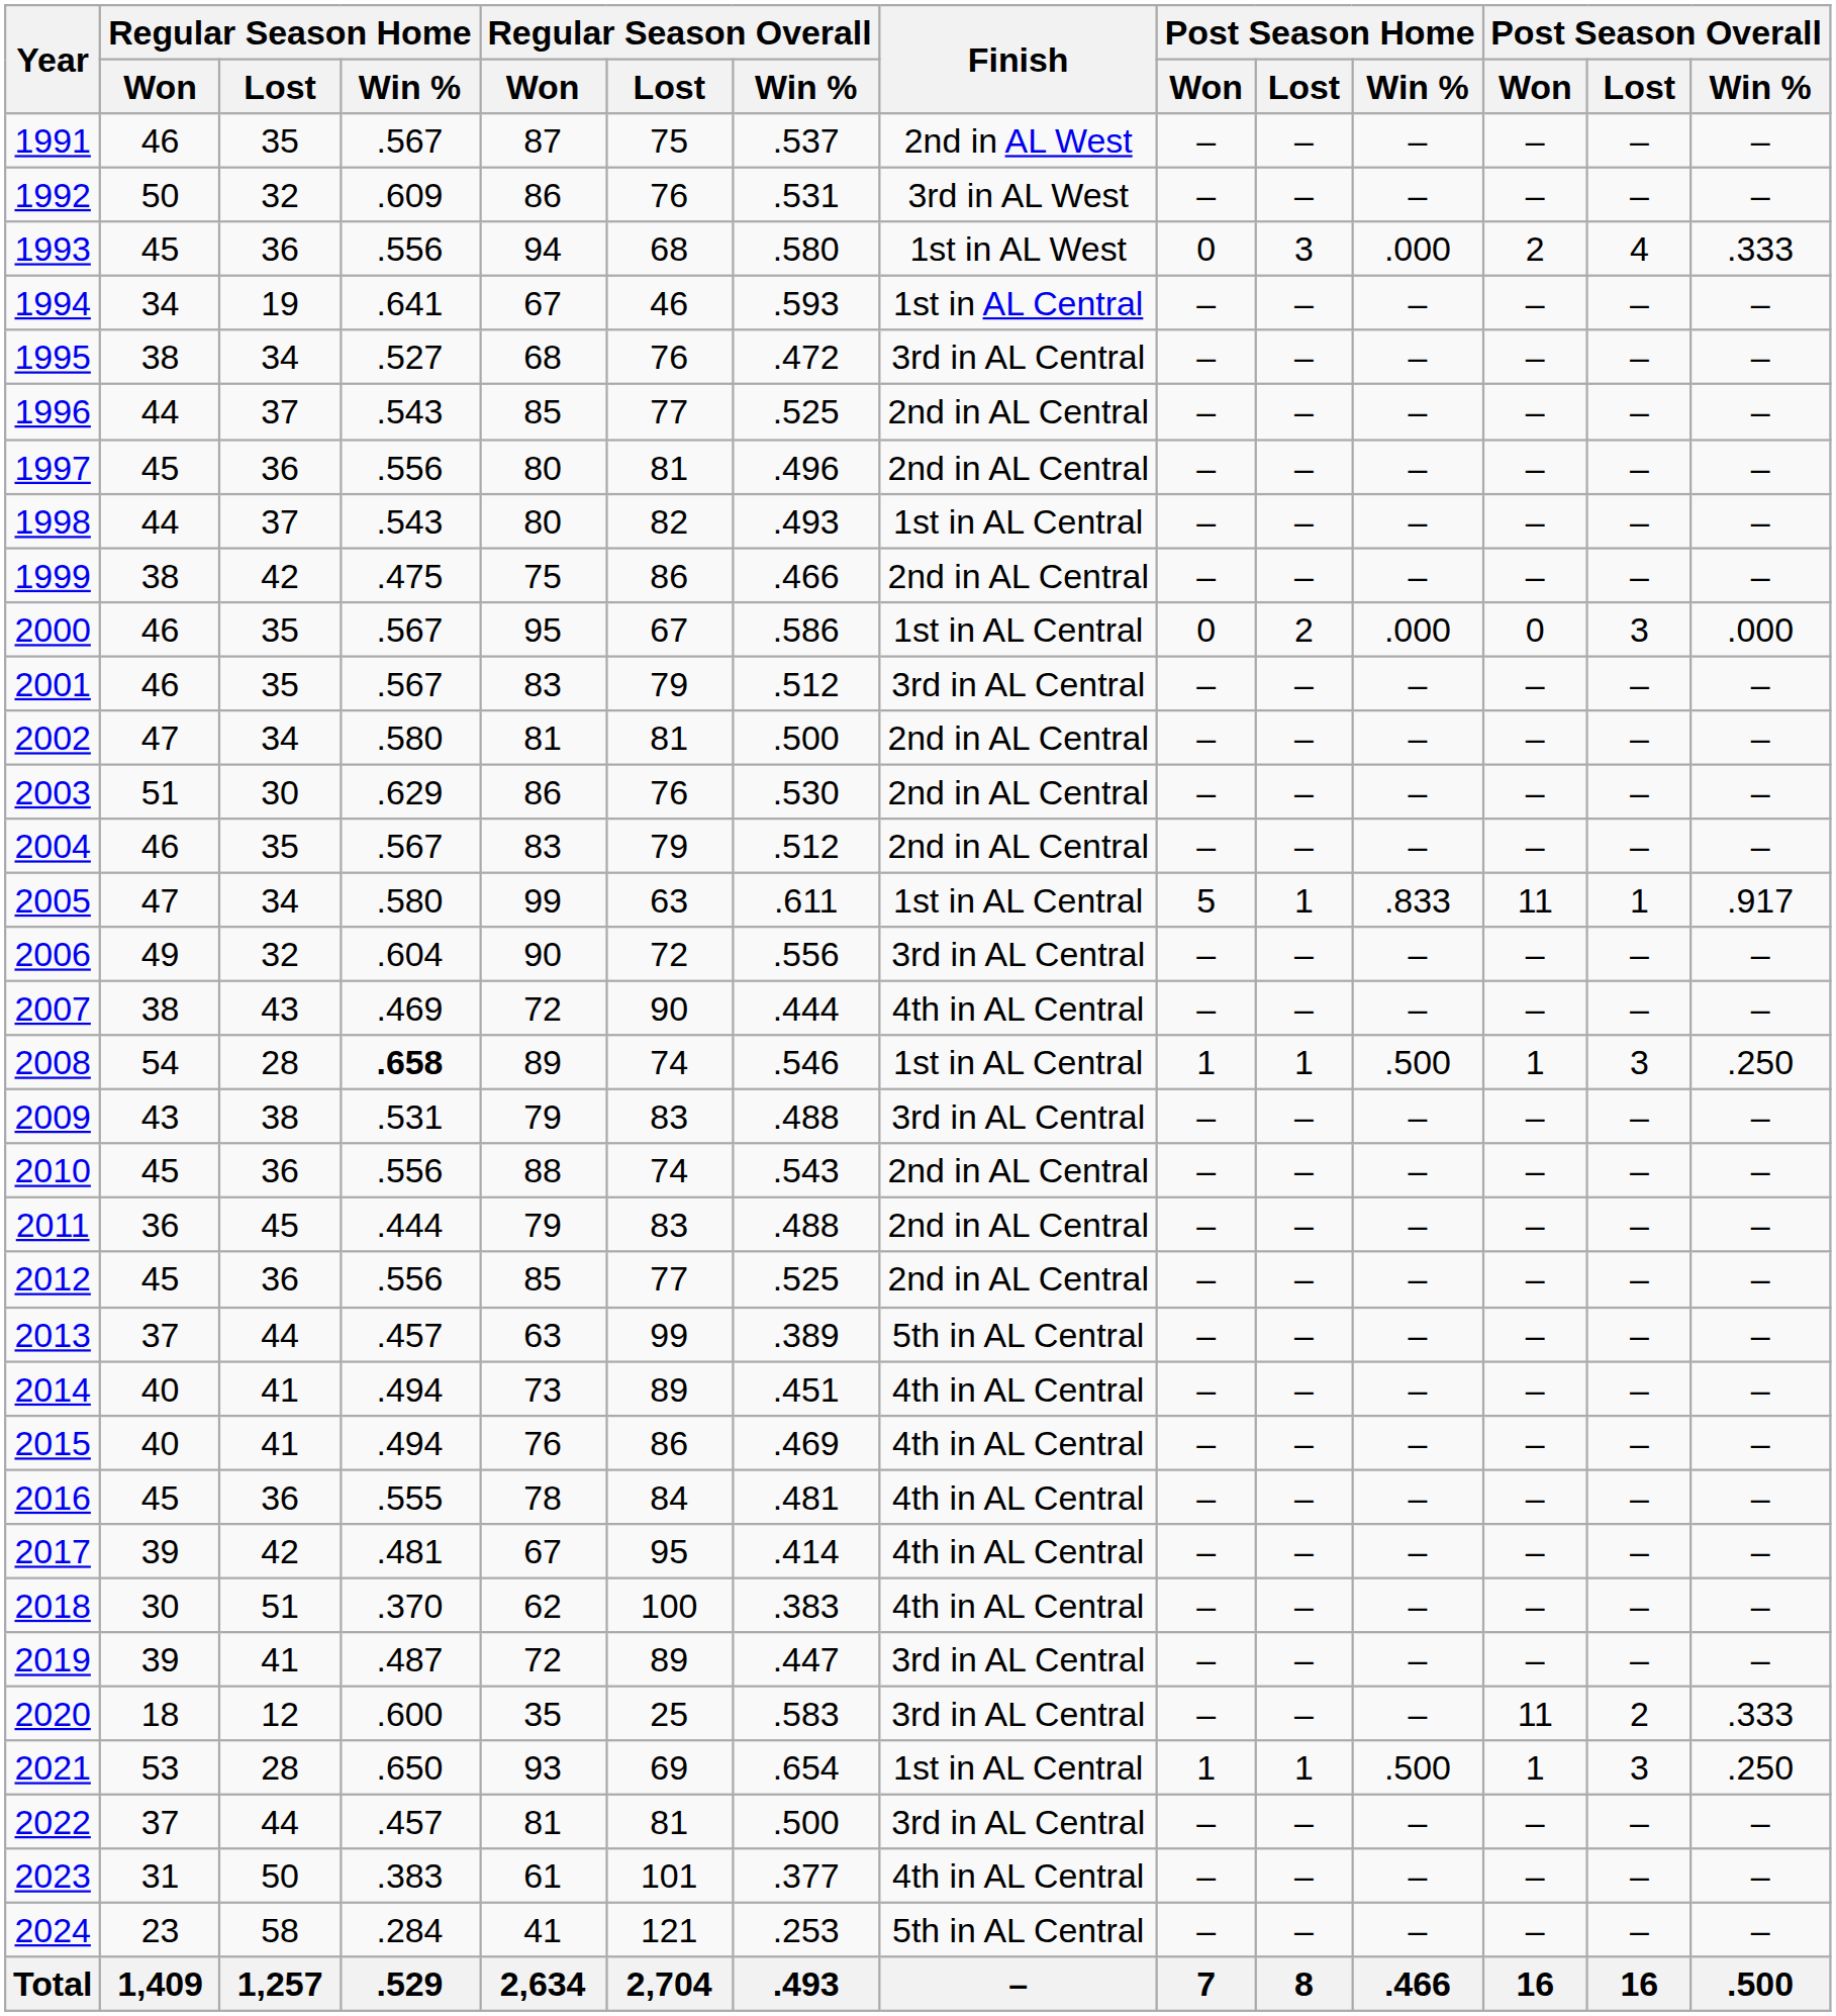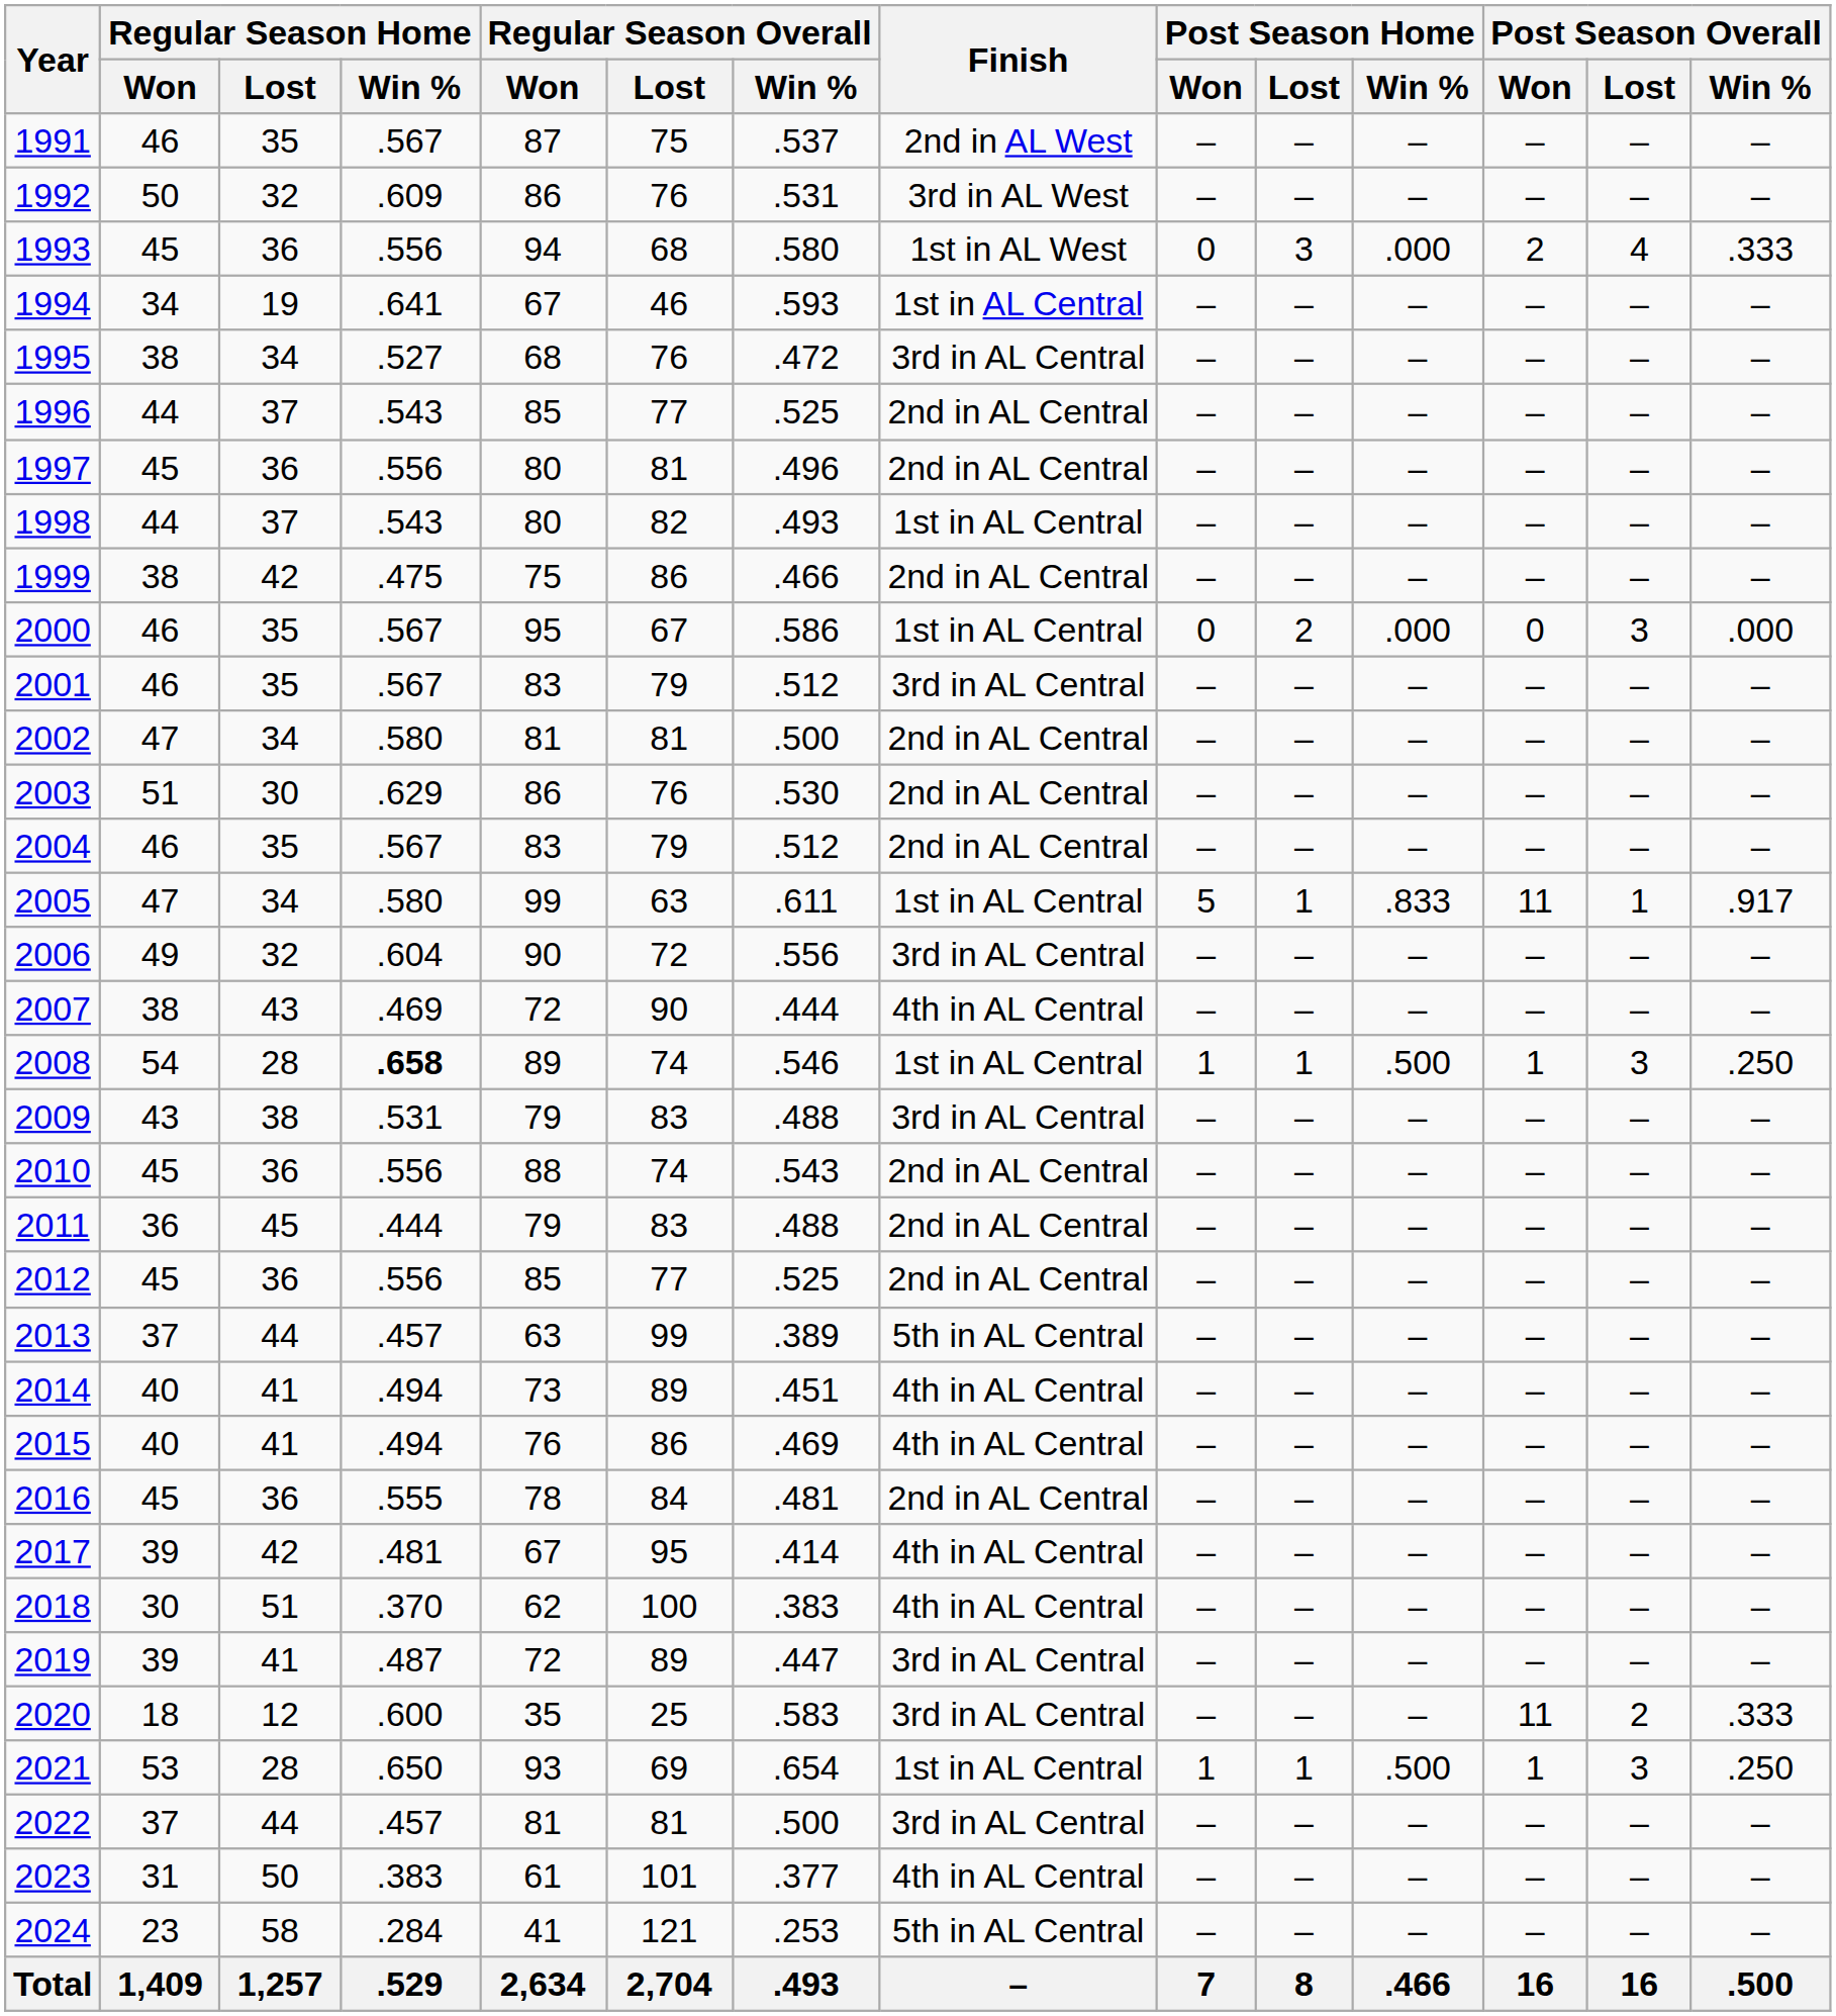 <table class="wikitable toccolours collapsible collapsed" style="font-size: 95%; text-align:center;">
 <tr>
 <th rowspan="2">Year</th>
 <th colspan="3">Regular Season Home</th>
 <th colspan="3">Regular Season Overall</th>
 <th rowspan="2">Finish</th>
 <th colspan="3">Post Season Home</th>
 <th colspan="3">Post Season Overall</th>
 </tr>
 <tr>
 <th>Won</th>
 <th>Lost</th>
 <th>Win %</th>
 <th>Won</th>
 <th>Lost</th>
 <th>Win %</th>
 <th>Won</th>
 <th>Lost</th>
 <th>Win %</th>
 <th>Won</th>
 <th>Lost</th>
 <th>Win %</th>
 </tr>
 <tr>
 <td><a href='#'>1991</a></td>
 <td>46</td>
 <td>35</td>
 <td>.567</td>
 <td>87</td>
 <td>75</td>
 <td>.537</td>
 <td>2nd in <a href='#'>AL West</a></td>
 <td>–</td>
 <td>–</td>
 <td>–</td>
 <td>–</td>
 <td>–</td>
 <td>–</td>
 </tr>
 <tr>
 <td><a href='#'>1992</a></td>
 <td>50</td>
 <td>32</td>
 <td>.609</td>
 <td>86</td>
 <td>76</td>
 <td>.531</td>
 <td>3rd in AL West</td>
 <td>–</td>
 <td>–</td>
 <td>–</td>
 <td>–</td>
 <td>–</td>
 <td>–</td>
 </tr>
 <tr>
 <td><a href='#'>1993</a></td>
 <td>45</td>
 <td>36</td>
 <td>.556</td>
 <td>94</td>
 <td>68</td>
 <td>.580</td>
 <td>1st in AL West</td>
 <td>0</td>
 <td>3</td>
 <td>.000</td>
 <td>2</td>
 <td>4</td>
 <td>.333</td>
 </tr>
 <tr>
 <td><a href='#'>1994</a></td>
 <td>34</td>
 <td>19</td>
 <td>.641</td>
 <td>67</td>
 <td>46</td>
 <td>.593</td>
 <td>1st in <a href='#'>AL Central</a></td>
 <td>–</td>
 <td>–</td>
 <td>–</td>
 <td>–</td>
 <td>–</td>
 <td>–</td>
 </tr>
 <tr>
 <td><a href='#'>1995</a></td>
 <td>38</td>
 <td>34</td>
 <td>.527</td>
 <td>68</td>
 <td>76</td>
 <td>.472</td>
 <td>3rd in AL Central</td>
 <td>–</td>
 <td>–</td>
 <td>–</td>
 <td>–</td>
 <td>–</td>
 <td>–</td>
 </tr>
 <tr>
 <td><a href='#'>1996</a></td>
 <td>44</td>
 <td>37</td>
 <td>.543</td>
 <td>85</td>
 <td>77</td>
 <td>.525</td>
 <td>2nd in AL Central</td>
 <td>–</td>
 <td>–</td>
 <td>–</td>
 <td>–</td>
 <td>–</td>
 <td>–</td>
 </tr>
 <tr>
 <td><a href='#'>1997</a></td>
 <td>45</td>
 <td>36</td>
 <td>.556</td>
 <td>80</td>
 <td>81</td>
 <td>.496</td>
 <td>2nd in AL Central</td>
 <td>–</td>
 <td>–</td>
 <td>–</td>
 <td>–</td>
 <td>–</td>
 <td>–</td>
 </tr>
 <tr>
 <td><a href='#'>1998</a></td>
 <td>44</td>
 <td>37</td>
 <td>.543</td>
 <td>80</td>
 <td>82</td>
 <td>.493</td>
 <td>1st in AL Central</td>
 <td>–</td>
 <td>–</td>
 <td>–</td>
 <td>–</td>
 <td>–</td>
 <td>–</td>
 </tr>
 <tr>
 <td><a href='#'>1999</a></td>
 <td>38</td>
 <td>42</td>
 <td>.475</td>
 <td>75</td>
 <td>86</td>
 <td>.466</td>
 <td>2nd in AL Central</td>
 <td>–</td>
 <td>–</td>
 <td>–</td>
 <td>–</td>
 <td>–</td>
 <td>–</td>
 </tr>
 <tr>
 <td><a href='#'>2000</a></td>
 <td>46</td>
 <td>35</td>
 <td>.567</td>
 <td>95</td>
 <td>67</td>
 <td>.586</td>
 <td>1st in AL Central</td>
 <td>0</td>
 <td>2</td>
 <td>.000</td>
 <td>0</td>
 <td>3</td>
 <td>.000</td>
 </tr>
 <tr>
 <td><a href='#'>2001</a></td>
 <td>46</td>
 <td>35</td>
 <td>.567</td>
 <td>83</td>
 <td>79</td>
 <td>.512</td>
 <td>3rd in AL Central</td>
 <td>–</td>
 <td>–</td>
 <td>–</td>
 <td>–</td>
 <td>–</td>
 <td>–</td>
 </tr>
 <tr>
 <td><a href='#'>2002</a></td>
 <td>47</td>
 <td>34</td>
 <td>.580</td>
 <td>81</td>
 <td>81</td>
 <td>.500</td>
 <td>2nd in AL Central</td>
 <td>–</td>
 <td>–</td>
 <td>–</td>
 <td>–</td>
 <td>–</td>
 <td>–</td>
 </tr>
 <tr>
 <td><a href='#'>2003</a></td>
 <td>51</td>
 <td>30</td>
 <td>.629</td>
 <td>86</td>
 <td>76</td>
 <td>.530</td>
 <td>2nd in AL Central</td>
 <td>–</td>
 <td>–</td>
 <td>–</td>
 <td>–</td>
 <td>–</td>
 <td>–</td>
 </tr>
 <tr>
 <td><a href='#'>2004</a></td>
 <td>46</td>
 <td>35</td>
 <td>.567</td>
 <td>83</td>
 <td>79</td>
 <td>.512</td>
 <td>2nd in AL Central</td>
 <td>–</td>
 <td>–</td>
 <td>–</td>
 <td>–</td>
 <td>–</td>
 <td>–</td>
 </tr>
 <tr>
 <td><a href='#'>2005</a></td>
 <td>47</td>
 <td>34</td>
 <td>.580</td>
 <td>99</td>
 <td>63</td>
 <td>.611</td>
 <td>1st in AL Central</td>
 <td>5</td>
 <td>1</td>
 <td>.833</td>
 <td>11</td>
 <td>1</td>
 <td>.917</td>
 </tr>
 <tr>
 <td><a href='#'>2006</a></td>
 <td>49</td>
 <td>32</td>
 <td>.604</td>
 <td>90</td>
 <td>72</td>
 <td>.556</td>
 <td>3rd in AL Central</td>
 <td>–</td>
 <td>–</td>
 <td>–</td>
 <td>–</td>
 <td>–</td>
 <td>–</td>
 </tr>
 <tr>
 <td><a href='#'>2007</a></td>
 <td>38</td>
 <td>43</td>
 <td>.469</td>
 <td>72</td>
 <td>90</td>
 <td>.444</td>
 <td>4th in AL Central</td>
 <td>–</td>
 <td>–</td>
 <td>–</td>
 <td>–</td>
 <td>–</td>
 <td>–</td>
 </tr>
 <tr>
 <td><a href='#'>2008</a></td>
 <td>54</td>
 <td>28</td>
 <td><strong>.658</strong></td>
 <td>89</td>
 <td>74</td>
 <td>.546</td>
 <td>1st in AL Central</td>
 <td>1</td>
 <td>1</td>
 <td>.500</td>
 <td>1</td>
 <td>3</td>
 <td>.250</td>
 </tr>
 <tr>
 <td><a href='#'>2009</a></td>
 <td>43</td>
 <td>38</td>
 <td>.531</td>
 <td>79</td>
 <td>83</td>
 <td>.488</td>
 <td>3rd in AL Central</td>
 <td>–</td>
 <td>–</td>
 <td>–</td>
 <td>–</td>
 <td>–</td>
 <td>–</td>
 </tr>
 <tr>
 <td><a href='#'>2010</a></td>
 <td>45</td>
 <td>36</td>
 <td>.556</td>
 <td>88</td>
 <td>74</td>
 <td>.543</td>
 <td>2nd in AL Central</td>
 <td>–</td>
 <td>–</td>
 <td>–</td>
 <td>–</td>
 <td>–</td>
 <td>–</td>
 </tr>
 <tr>
 <td><a href='#'>2011</a></td>
 <td>36</td>
 <td>45</td>
 <td>.444</td>
 <td>79</td>
 <td>83</td>
 <td>.488</td>
 <td>2nd in AL Central</td>
 <td>–</td>
 <td>–</td>
 <td>–</td>
 <td>–</td>
 <td>–</td>
 <td>–</td>
 </tr>
 <tr>
 <td><a href='#'>2012</a></td>
 <td>45</td>
 <td>36</td>
 <td>.556</td>
 <td>85</td>
 <td>77</td>
 <td>.525</td>
 <td>2nd in AL Central</td>
 <td>–</td>
 <td>–</td>
 <td>–</td>
 <td>–</td>
 <td>–</td>
 <td>–</td>
 </tr>
 <tr>
 <td><a href='#'>2013</a></td>
 <td>37</td>
 <td>44</td>
 <td>.457</td>
 <td>63</td>
 <td>99</td>
 <td>.389</td>
 <td>5th in AL Central</td>
 <td>–</td>
 <td>–</td>
 <td>–</td>
 <td>–</td>
 <td>–</td>
 <td>–</td>
 </tr>
 <tr>
 <td><a href='#'>2014</a></td>
 <td>40</td>
 <td>41</td>
 <td>.494</td>
 <td>73</td>
 <td>89</td>
 <td>.451</td>
 <td>4th in AL Central</td>
 <td>–</td>
 <td>–</td>
 <td>–</td>
 <td>–</td>
 <td>–</td>
 <td>–</td>
 </tr>
 <tr>
 <td><a href='#'>2015</a></td>
 <td>40</td>
 <td>41</td>
 <td>.494</td>
 <td>76</td>
 <td>86</td>
 <td>.469</td>
 <td>4th in AL Central</td>
 <td>–</td>
 <td>–</td>
 <td>–</td>
 <td>–</td>
 <td>–</td>
 <td>–</td>
 </tr>
 <tr>
 <td><a href='#'>2016</a></td>
 <td>45</td>
 <td>36</td>
 <td>.555</td>
 <td>78</td>
 <td>84</td>
 <td>.481</td>
-<td>4th in AL Central</td>
+<td>2nd in AL Central</td>
 <td>–</td>
 <td>–</td>
 <td>–</td>
 <td>–</td>
 <td>–</td>
 <td>–</td>
 </tr>
 <tr>
 <td><a href='#'>2017</a></td>
 <td>39</td>
 <td>42</td>
 <td>.481</td>
 <td>67</td>
 <td>95</td>
 <td>.414</td>
 <td>4th in AL Central</td>
 <td>–</td>
 <td>–</td>
 <td>–</td>
 <td>–</td>
 <td>–</td>
 <td>–</td>
 </tr>
 <tr>
 <td><a href='#'>2018</a></td>
 <td>30</td>
 <td>51</td>
 <td>.370</td>
 <td>62</td>
 <td>100</td>
 <td>.383</td>
 <td>4th in AL Central</td>
 <td>–</td>
 <td>–</td>
 <td>–</td>
 <td>–</td>
 <td>–</td>
 <td>–</td>
 </tr>
 <tr>
 <td><a href='#'>2019</a></td>
 <td>39</td>
 <td>41</td>
 <td>.487</td>
 <td>72</td>
 <td>89</td>
 <td>.447</td>
 <td>3rd in AL Central</td>
 <td>–</td>
 <td>–</td>
 <td>–</td>
 <td>–</td>
 <td>–</td>
 <td>–</td>
 </tr>
 <tr>
 <td><a href='#'>2020</a></td>
 <td>18</td>
 <td>12</td>
 <td>.600</td>
 <td>35</td>
 <td>25</td>
 <td>.583</td>
 <td>3rd in AL Central</td>
 <td>–</td>
 <td>–</td>
 <td>–</td>
 <td>11</td>
 <td>2</td>
 <td>.333</td>
 </tr>
 <tr>
 <td><a href='#'>2021</a></td>
 <td>53</td>
 <td>28</td>
 <td>.650</td>
 <td>93</td>
 <td>69</td>
 <td>.654</td>
 <td>1st in AL Central</td>
 <td>1</td>
 <td>1</td>
 <td>.500</td>
 <td>1</td>
 <td>3</td>
 <td>.250</td>
 </tr>
 <tr>
 <td><a href='#'>2022</a></td>
 <td>37</td>
 <td>44</td>
 <td>.457</td>
 <td>81</td>
 <td>81</td>
 <td>.500</td>
 <td>3rd in AL Central</td>
 <td>–</td>
 <td>–</td>
 <td>–</td>
 <td>–</td>
 <td>–</td>
 <td>–</td>
 </tr>
 <tr>
 <td><a href='#'>2023</a></td>
 <td>31</td>
 <td>50</td>
 <td>.383</td>
 <td>61</td>
 <td>101</td>
 <td>.377</td>
 <td>4th in AL Central</td>
 <td>–</td>
 <td>–</td>
 <td>–</td>
 <td>–</td>
 <td>–</td>
 <td>–</td>
 </tr>
 <tr>
 <td><a href='#'>2024</a></td>
 <td>23</td>
 <td>58</td>
 <td>.284</td>
 <td>41</td>
 <td>121</td>
 <td>.253</td>
 <td>5th in AL Central</td>
 <td>–</td>
 <td>–</td>
 <td>–</td>
 <td>–</td>
 <td>–</td>
 <td>–</td>
 </tr>
 <tr>
 <th colspan="1">Total</th>
 <th>1,409</th>
 <th>1,257</th>
 <th>.529</th>
 <th>2,634</th>
 <th>2,704</th>
 <th>.493</th>
 <th>–</th>
 <th>7</th>
 <th>8</th>
 <th>.466</th>
 <th>16</th>
 <th>16</th>
 <th>.500</th>
 </tr>
 </table>
